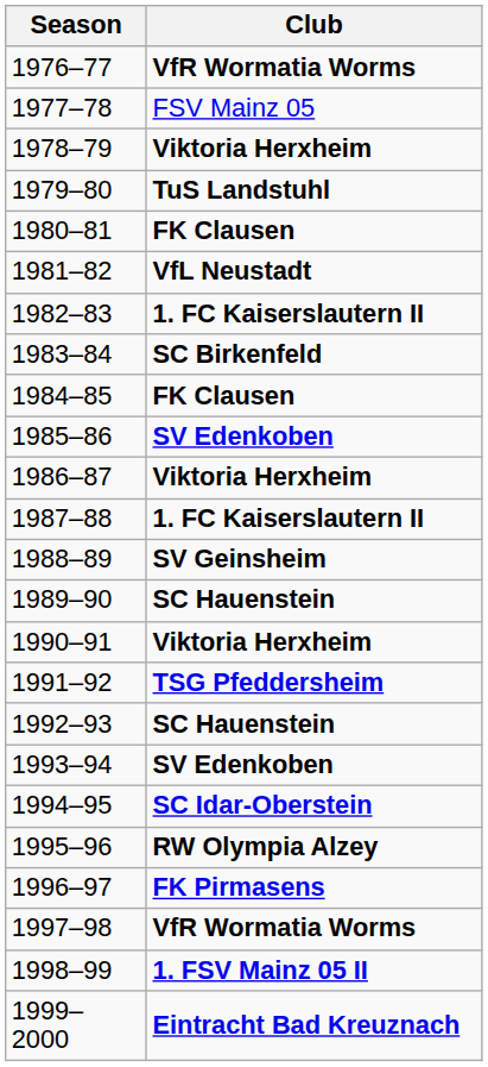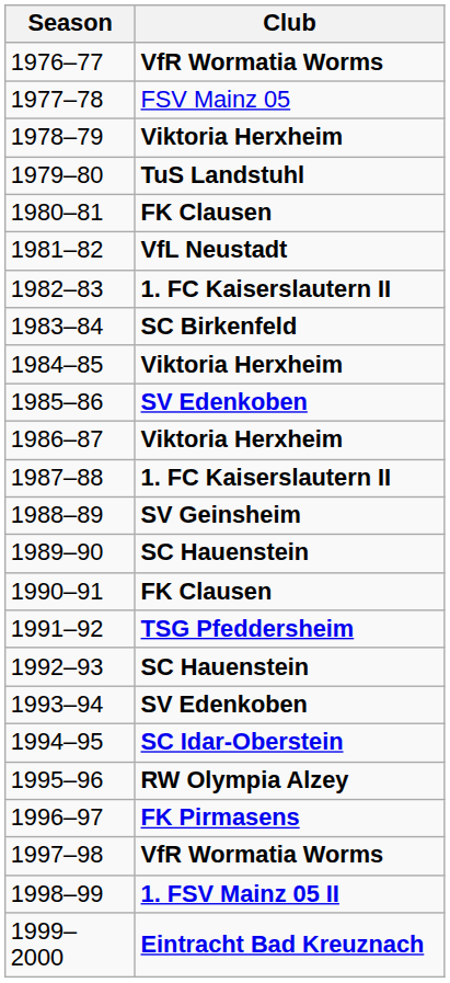 <table class="wikitable">
 <tr align="center" bgcolor="#dfdfdf">
 <th width="80">Season</th>
 <th width="200">Club</th>
 </tr>
 <tr>
 <td>1976–77</td>
 <td><strong>VfR Wormatia Worms</strong></td>
 </tr>
 <tr>
 <td>1977–78</td>
 <td><a href='#'>FSV Mainz 05</a></td>
 </tr>
 <tr>
 <td>1978–79</td>
 <td><strong>Viktoria Herxheim</strong></td>
 </tr>
 <tr>
 <td>1979–80</td>
 <td><strong>TuS Landstuhl</strong></td>
 </tr>
 <tr>
 <td>1980–81</td>
 <td><strong>FK Clausen</strong></td>
 </tr>
 <tr>
 <td>1981–82</td>
 <td><strong>VfL Neustadt</strong></td>
 </tr>
 <tr>
 <td>1982–83</td>
 <td><strong>1. FC Kaiserslautern II</strong></td>
 </tr>
 <tr>
 <td>1983–84</td>
 <td><strong>SC Birkenfeld</strong></td>
 </tr>
 <tr>
 <td>1984–85</td>
-<td><strong>FK Clausen</strong></td>
+<td><strong>Viktoria Herxheim</strong></td>
 </tr>
 <tr>
 <td>1985–86</td>
 <td><strong><a href='#'>SV Edenkoben</a></strong></td>
 </tr>
 <tr>
 <td>1986–87</td>
 <td><strong>Viktoria Herxheim</strong></td>
 </tr>
 <tr>
 <td>1987–88</td>
 <td><strong>1. FC Kaiserslautern II</strong></td>
 </tr>
 <tr>
 <td>1988–89</td>
 <td><strong>SV Geinsheim</strong></td>
 </tr>
 <tr>
 <td>1989–90</td>
 <td><strong>SC Hauenstein</strong></td>
 </tr>
 <tr>
 <td>1990–91</td>
-<td><strong>Viktoria Herxheim</strong></td>
+<td><strong>FK Clausen</strong></td>
 </tr>
 <tr>
 <td>1991–92</td>
 <td><strong><a href='#'>TSG Pfeddersheim</a></strong></td>
 </tr>
 <tr>
 <td>1992–93</td>
 <td><strong>SC Hauenstein</strong></td>
 </tr>
 <tr>
 <td>1993–94</td>
 <td><strong>SV Edenkoben</strong></td>
 </tr>
 <tr>
 <td>1994–95</td>
 <td><strong><a href='#'>SC Idar-Oberstein</a></strong></td>
 </tr>
 <tr>
 <td>1995–96</td>
 <td><strong>RW Olympia Alzey</strong></td>
 </tr>
 <tr>
 <td>1996–97</td>
 <td><strong><a href='#'>FK Pirmasens</a></strong></td>
 </tr>
 <tr>
 <td>1997–98</td>
 <td><strong>VfR Wormatia Worms</strong></td>
 </tr>
 <tr>
 <td>1998–99</td>
 <td><strong><a href='#'>1. FSV Mainz 05 II</a></strong></td>
 </tr>
 <tr>
 <td>1999–2000</td>
 <td><strong><a href='#'>Eintracht Bad Kreuznach</a></strong></td>
 </tr>
 </table>
